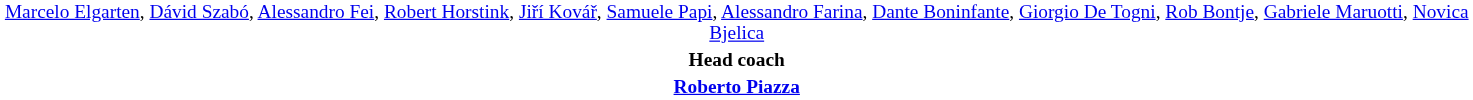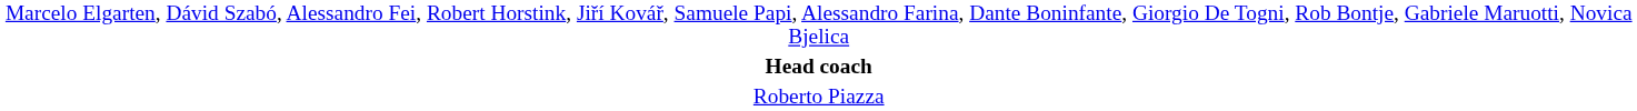 <table style="text-align: center; margin-top: 2em; margin-left: auto; margin-right: auto">
 <tr>
 <td><a href='#'>Marcelo Elgarten</a>, <a href='#'>Dávid Szabó</a>, <a href='#'>Alessandro Fei</a>, <a href='#'>Robert Horstink</a>, <a href='#'>Jiří Kovář</a>, <a href='#'>Samuele Papi</a>, <a href='#'>Alessandro Farina</a>, <a href='#'>Dante Boninfante</a>, <a href='#'>Giorgio De Togni</a>, <a href='#'>Rob Bontje</a>, <a href='#'>Gabriele Maruotti</a>, <a href='#'>Novica Bjelica</a></td>
 </tr>
 <tr>
 <td><strong>Head coach</strong></td>
 </tr>
 <tr>
-<td><strong><a href='#'>Roberto Piazza</a></strong></td>
+<td><a href='#'>Roberto Piazza</a></td>
 </tr>
 </table>
